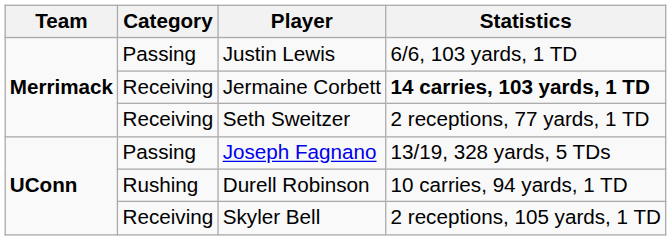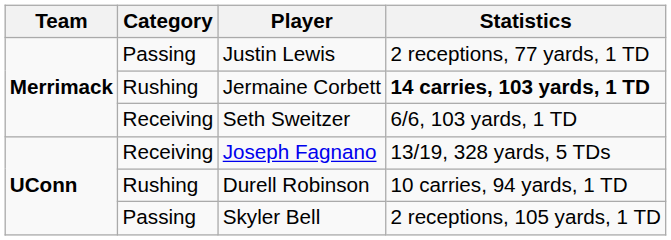 <table class="wikitable" style="float: right;">
 <tr>
 <th>Team</th>
 <th>Category</th>
 <th>Player</th>
 <th>Statistics</th>
 </tr>
 <tr>
 <td rowspan=3><strong>Merrimack</strong></td>
 <td>Passing</td>
 <td>Justin Lewis</td>
-<td>6/6, 103 yards, 1 TD</td>
+<td>2 receptions, 77 yards, 1 TD</td>
 </tr>
 <tr>
-<td>Receiving</td>
+<td>Rushing</td>
 <td>Jermaine Corbett</td>
 <td><strong>14 carries, 103 yards, 1 TD</strong></td>
 </tr>
 <tr>
 <td>Receiving</td>
 <td>Seth Sweitzer</td>
-<td>2 receptions, 77 yards, 1 TD</td>
+<td>6/6, 103 yards, 1 TD</td>
 </tr>
 <tr>
 <td rowspan=3><strong>UConn</strong></td>
-<td>Passing</td>
+<td>Receiving</td>
 <td><a href='#'>Joseph Fagnano</a></td>
 <td>13/19, 328 yards, 5 TDs</td>
 </tr>
 <tr>
 <td>Rushing</td>
 <td>Durell Robinson</td>
 <td>10 carries, 94 yards, 1 TD</td>
 </tr>
 <tr>
-<td>Receiving</td>
+<td>Passing</td>
 <td>Skyler Bell</td>
 <td>2 receptions, 105 yards, 1 TD</td>
 </tr>
 </table>
